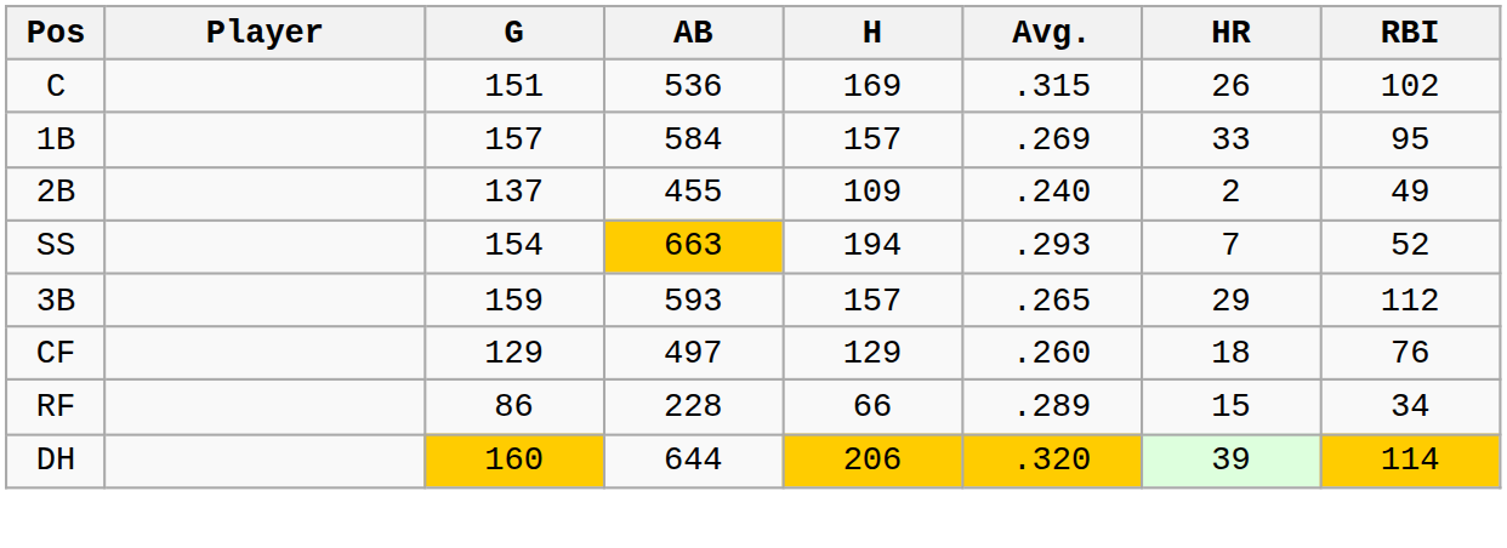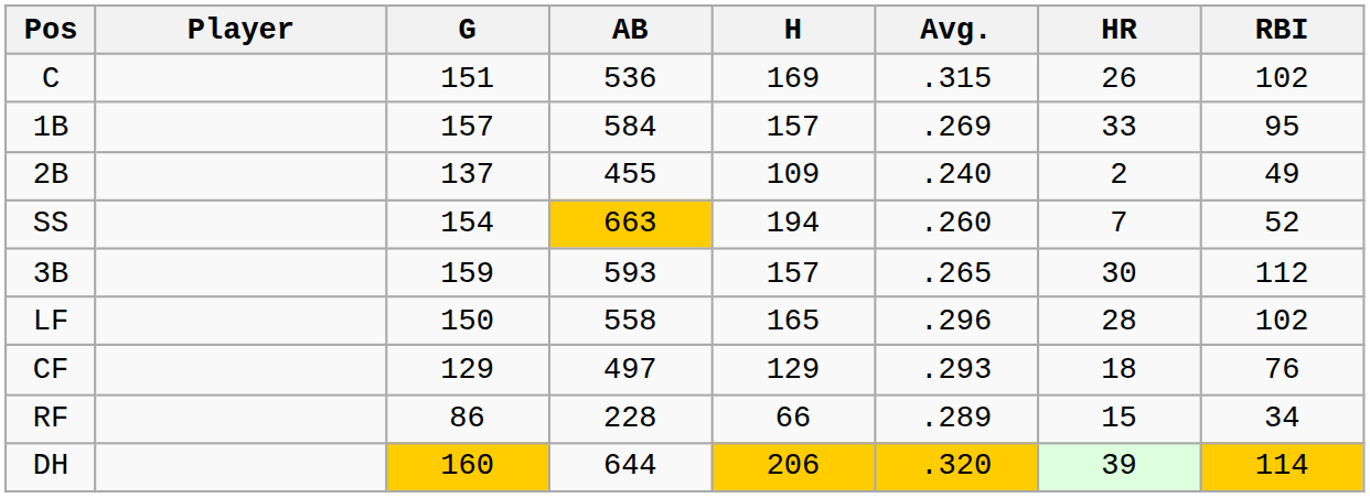 <table class="wikitable sortable">
 <tr>
 <th bgcolor="#DDDDFF" width="5%">Pos</th>
 <th bgcolor="#DDDDFF" width="16%">Player</th>
 <th bgcolor="#DDDDFF" width="9%">G</th>
 <th bgcolor="#DDDDFF" width="9%">AB</th>
 <th bgcolor="#DDDDFF" width="9%">H</th>
 <th bgcolor="#DDDDFF" width="9%">Avg.</th>
 <th bgcolor="#DDDDFF" width="9%">HR</th>
 <th bgcolor="#DDDDFF" width="9%">RBI</th>
 </tr>
 <tr align="center">
 <td>C</td>
 <td></td>
 <td>151</td>
 <td>536</td>
 <td>169</td>
 <td>.315</td>
 <td>26</td>
 <td>102</td>
 </tr>
 <tr align="center">
 <td>1B</td>
 <td></td>
 <td>157</td>
 <td>584</td>
 <td>157</td>
 <td>.269</td>
 <td>33</td>
 <td>95</td>
 </tr>
 <tr align="center">
 <td>2B</td>
 <td></td>
 <td>137</td>
 <td>455</td>
 <td>109</td>
 <td>.240</td>
 <td>2</td>
 <td>49</td>
 </tr>
 <tr align="center">
 <td>SS</td>
 <td></td>
 <td>154</td>
 <td style="background:#fc0;">663</td>
 <td>194</td>
-<td>.293</td>
+<td>.260</td>
 <td>7</td>
 <td>52</td>
 </tr>
 <tr align="center">
 <td>3B</td>
 <td></td>
 <td>159</td>
 <td>593</td>
 <td>157</td>
 <td>.265</td>
-<td>29</td>
+<td>30</td>
 <td>112</td>
+</tr>
+<tr align="center">
+<td>LF</td>
+<td></td>
+<td>150</td>
+<td>558</td>
+<td>165</td>
+<td>.296</td>
+<td>28</td>
+<td>102</td>
 </tr>
 <tr align="center">
 <td>CF</td>
 <td></td>
 <td>129</td>
 <td>497</td>
 <td>129</td>
-<td>.260</td>
+<td>.293</td>
 <td>18</td>
 <td>76</td>
 </tr>
 <tr align="center">
 <td>RF</td>
 <td></td>
 <td>86</td>
 <td>228</td>
 <td>66</td>
 <td>.289</td>
 <td>15</td>
 <td>34</td>
 </tr>
 <tr align="center">
 <td>DH</td>
 <td></td>
 <td style="background:#fc0;">160</td>
 <td>644</td>
 <td style="background:#fc0;">206</td>
 <td style="background:#fc0;">.320</td>
 <td style="background:#DDFFDD;">39</td>
 <td style="background:#fc0;">114</td>
 </tr>
 </table>
